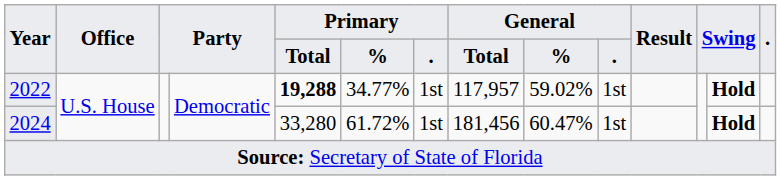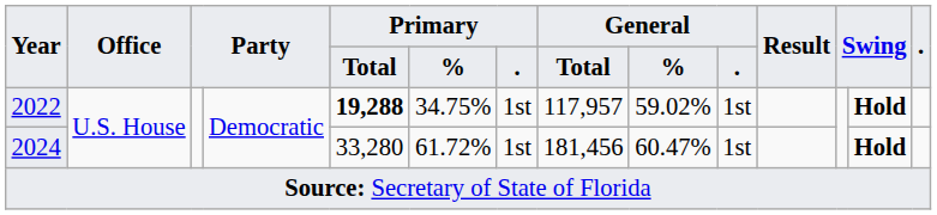 <table class="wikitable" style="font-size:90%; text-align:center;">
 <tr>
 <th style="background-color:#EAECF0;" rowspan=2>Year</th>
 <th style="background-color:#EAECF0;" rowspan=2>Office</th>
 <th style="background-color:#EAECF0;" colspan=2 rowspan=2>Party</th>
 <th style="background-color:#EAECF0;" colspan=3>Primary</th>
 <th style="background-color:#EAECF0;" colspan=3>General</th>
 <th style="background-color:#EAECF0;" rowspan=2>Result</th>
 <th style="background-color:#EAECF0;" colspan=2 rowspan=2><a href='#'>Swing</a></th>
 <th style="background-color:#EAECF0;" rowspan=2>.</th>
 </tr>
 <tr>
 <th style="background-color:#EAECF0;">Total</th>
 <th style="background-color:#EAECF0;">%</th>
 <th style="background-color:#EAECF0;">.</th>
 <th style="background-color:#EAECF0;">Total</th>
 <th style="background-color:#EAECF0;">%</th>
 <th style="background-color:#EAECF0;">.</th>
 </tr>
 <tr>
 <td style="background-color:#EAECF0;"><a href='#'>2022</a></td>
 <td rowspan=2><a href='#'>U.S. House</a></td>
 <td rowspan="2" style="background-color:"></td>
 <td rowspan="2"><a href='#'>Democratic</a></td>
 <td><strong>19,288</strong></td>
-<td>34.77%</td>
+<td>34.75%</td>
 <td>1st</td>
 <td>117,957</td>
 <td>59.02%</td>
 <td>1st</td>
 <td></td>
 <td rowspan="2" style="background-color:"></td>
 <td><strong>Hold</strong></td>
 <td></td>
 </tr>
 <tr>
 <td style="background-color:#EAECF0;"><a href='#'>2024</a></td>
 <td>33,280</td>
 <td>61.72%</td>
 <td>1st</td>
 <td>181,456</td>
 <td>60.47%</td>
 <td>1st</td>
 <td></td>
 <td><strong>Hold</strong></td>
 <td></td>
 </tr>
 <tr>
 <td style="background-color:#EAECF0;" colspan=14><strong>Source:</strong> <a href='#'>Secretary of State of Florida</a>  </td>
 </tr>
 </table>
